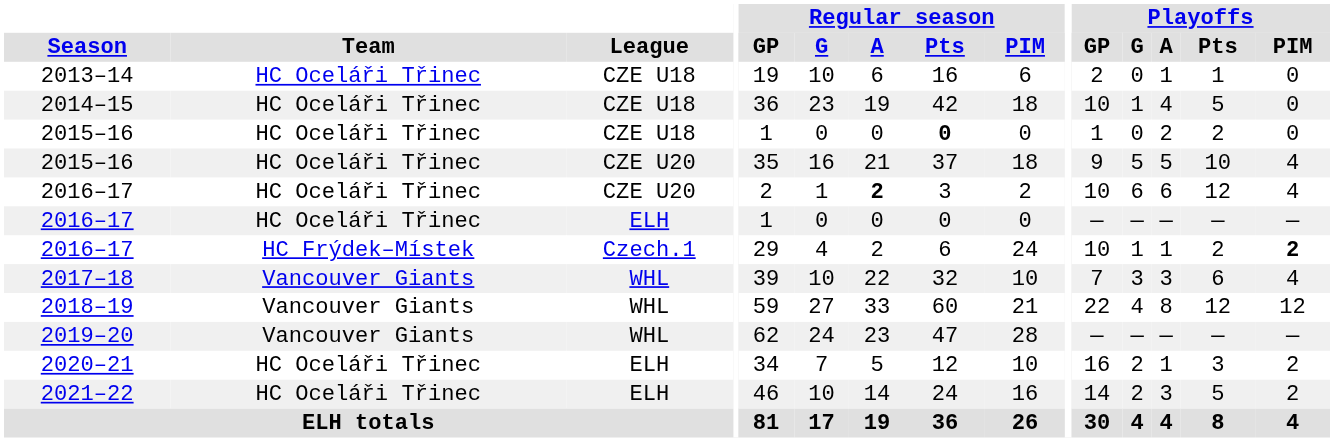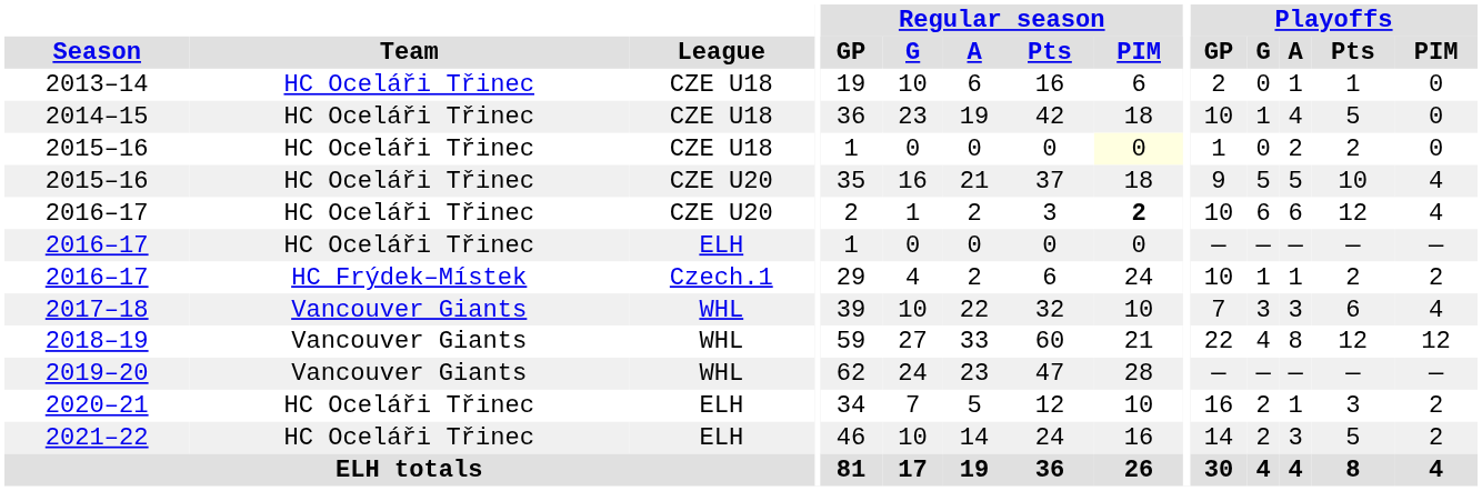 <table border="0" cellpadding="1" cellspacing="0" style="text-align:center; width:60em">
 <tr bgcolor="#e0e0e0">
 <th colspan="3" bgcolor="#ffffff"></th>
 <th rowspan="99" bgcolor="#ffffff"></th>
 <th colspan="5"><a href='#'>Regular season</a></th>
 <th rowspan="99" bgcolor="#ffffff"></th>
 <th colspan="5"><a href='#'>Playoffs</a></th>
 </tr>
 <tr bgcolor="#e0e0e0">
 <th><a href='#'>Season</a></th>
 <th>Team</th>
 <th>League</th>
 <th>GP</th>
 <th><a href='#'>G</a></th>
 <th><a href='#'>A</a></th>
 <th><a href='#'>Pts</a></th>
 <th><a href='#'>PIM</a></th>
 <th>GP</th>
 <th>G</th>
 <th>A</th>
 <th>Pts</th>
 <th>PIM</th>
 </tr>
 <tr>
 <td>2013–14</td>
 <td><a href='#'>HC Oceláři Třinec</a></td>
 <td>CZE U18</td>
 <td>19</td>
 <td>10</td>
 <td>6</td>
 <td>16</td>
 <td>6</td>
 <td>2</td>
 <td>0</td>
 <td>1</td>
 <td>1</td>
 <td>0</td>
 </tr>
 <tr bgcolor="#f0f0f0">
 <td>2014–15</td>
 <td>HC Oceláři Třinec</td>
 <td>CZE U18</td>
 <td>36</td>
 <td>23</td>
 <td>19</td>
 <td>42</td>
 <td>18</td>
 <td>10</td>
 <td>1</td>
 <td>4</td>
 <td>5</td>
 <td>0</td>
 </tr>
 <tr>
 <td>2015–16</td>
 <td>HC Oceláři Třinec</td>
 <td>CZE U18</td>
 <td>1</td>
 <td>0</td>
 <td>0</td>
-<td><strong>0</strong></td>
 <td>0</td>
+<td style="background: lightyellow;">0</td>
 <td>1</td>
 <td>0</td>
 <td>2</td>
 <td>2</td>
 <td>0</td>
 </tr>
 <tr bgcolor="#f0f0f0">
 <td>2015–16</td>
 <td>HC Oceláři Třinec</td>
 <td>CZE U20</td>
 <td>35</td>
 <td>16</td>
 <td>21</td>
 <td>37</td>
 <td>18</td>
 <td>9</td>
 <td>5</td>
 <td>5</td>
 <td>10</td>
 <td>4</td>
 </tr>
 <tr>
 <td>2016–17</td>
 <td>HC Oceláři Třinec</td>
 <td>CZE U20</td>
 <td>2</td>
 <td>1</td>
+<td>2</td>
+<td>3</td>
 <td><strong>2</strong></td>
-<td>3</td>
-<td>2</td>
 <td>10</td>
 <td>6</td>
 <td>6</td>
 <td>12</td>
 <td>4</td>
 </tr>
 <tr bgcolor="#f0f0f0">
 <td><a href='#'>2016–17</a></td>
 <td>HC Oceláři Třinec</td>
 <td><a href='#'>ELH</a></td>
 <td>1</td>
 <td>0</td>
 <td>0</td>
 <td>0</td>
 <td>0</td>
 <td>—</td>
 <td>—</td>
 <td>—</td>
 <td>—</td>
 <td>—</td>
 </tr>
 <tr>
 <td><a href='#'>2016–17</a></td>
 <td><a href='#'>HC Frýdek–Místek</a></td>
 <td><a href='#'>Czech.1</a></td>
 <td>29</td>
 <td>4</td>
 <td>2</td>
 <td>6</td>
 <td>24</td>
 <td>10</td>
 <td>1</td>
 <td>1</td>
 <td>2</td>
-<td><strong>2</strong></td>
+<td>2</td>
 </tr>
 <tr bgcolor="#f0f0f0">
 <td><a href='#'>2017–18</a></td>
 <td><a href='#'>Vancouver Giants</a></td>
 <td><a href='#'>WHL</a></td>
 <td>39</td>
 <td>10</td>
 <td>22</td>
 <td>32</td>
 <td>10</td>
 <td>7</td>
 <td>3</td>
 <td>3</td>
 <td>6</td>
 <td>4</td>
 </tr>
 <tr>
 <td><a href='#'>2018–19</a></td>
 <td>Vancouver Giants</td>
 <td>WHL</td>
 <td>59</td>
 <td>27</td>
 <td>33</td>
 <td>60</td>
 <td>21</td>
 <td>22</td>
 <td>4</td>
 <td>8</td>
 <td>12</td>
 <td>12</td>
 </tr>
 <tr bgcolor="#f0f0f0">
 <td><a href='#'>2019–20</a></td>
 <td>Vancouver Giants</td>
 <td>WHL</td>
 <td>62</td>
 <td>24</td>
 <td>23</td>
 <td>47</td>
 <td>28</td>
 <td>—</td>
 <td>—</td>
 <td>—</td>
 <td>—</td>
 <td>—</td>
 </tr>
 <tr>
 <td><a href='#'>2020–21</a></td>
 <td>HC Oceláři Třinec</td>
 <td>ELH</td>
 <td>34</td>
 <td>7</td>
 <td>5</td>
 <td>12</td>
 <td>10</td>
 <td>16</td>
 <td>2</td>
 <td>1</td>
 <td>3</td>
 <td>2</td>
 </tr>
 <tr bgcolor="#f0f0f0">
 <td><a href='#'>2021–22</a></td>
 <td>HC Oceláři Třinec</td>
 <td>ELH</td>
 <td>46</td>
 <td>10</td>
 <td>14</td>
 <td>24</td>
 <td>16</td>
 <td>14</td>
 <td>2</td>
 <td>3</td>
 <td>5</td>
 <td>2</td>
 </tr>
 <tr bgcolor="#e0e0e0">
 <th colspan="3">ELH totals</th>
 <th>81</th>
 <th>17</th>
 <th>19</th>
 <th>36</th>
 <th>26</th>
 <th>30</th>
 <th>4</th>
 <th>4</th>
 <th>8</th>
 <th>4</th>
 </tr>
 </table>
